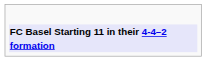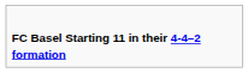 <table class="infobox" width="270px">
 <tr>
 <td><div><br>                       </div></td>
 </tr>
 <tr>
-<td style="background: lavender;"><small><strong>FC Basel Starting 11 in their <a href='#'>4-4–2 formation</a></strong></small></td>
+<td><small><strong>FC Basel Starting 11 in their <a href='#'>4-4–2 formation</a></strong></small></td>
 </tr>
 </table>
